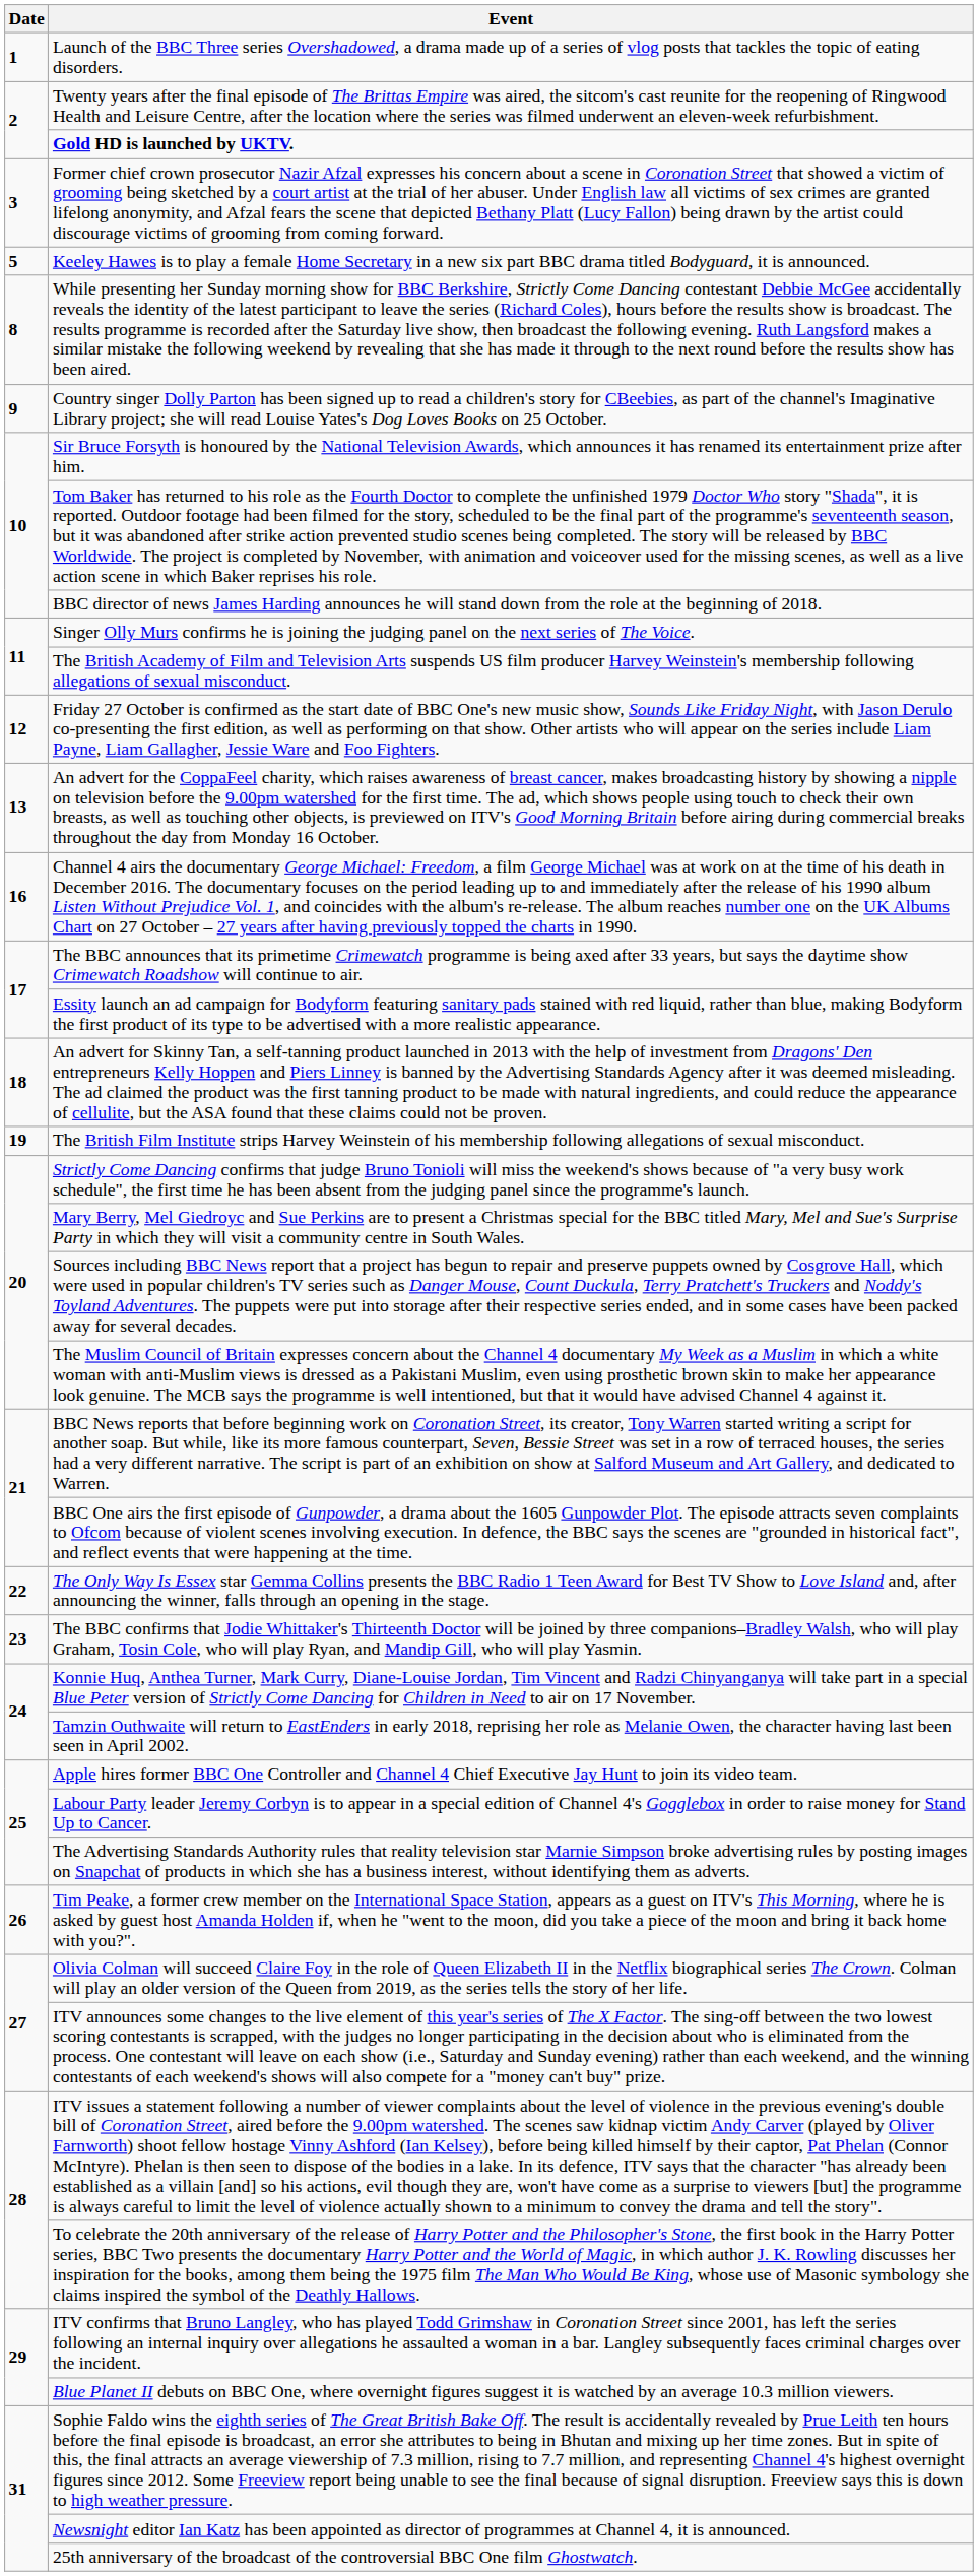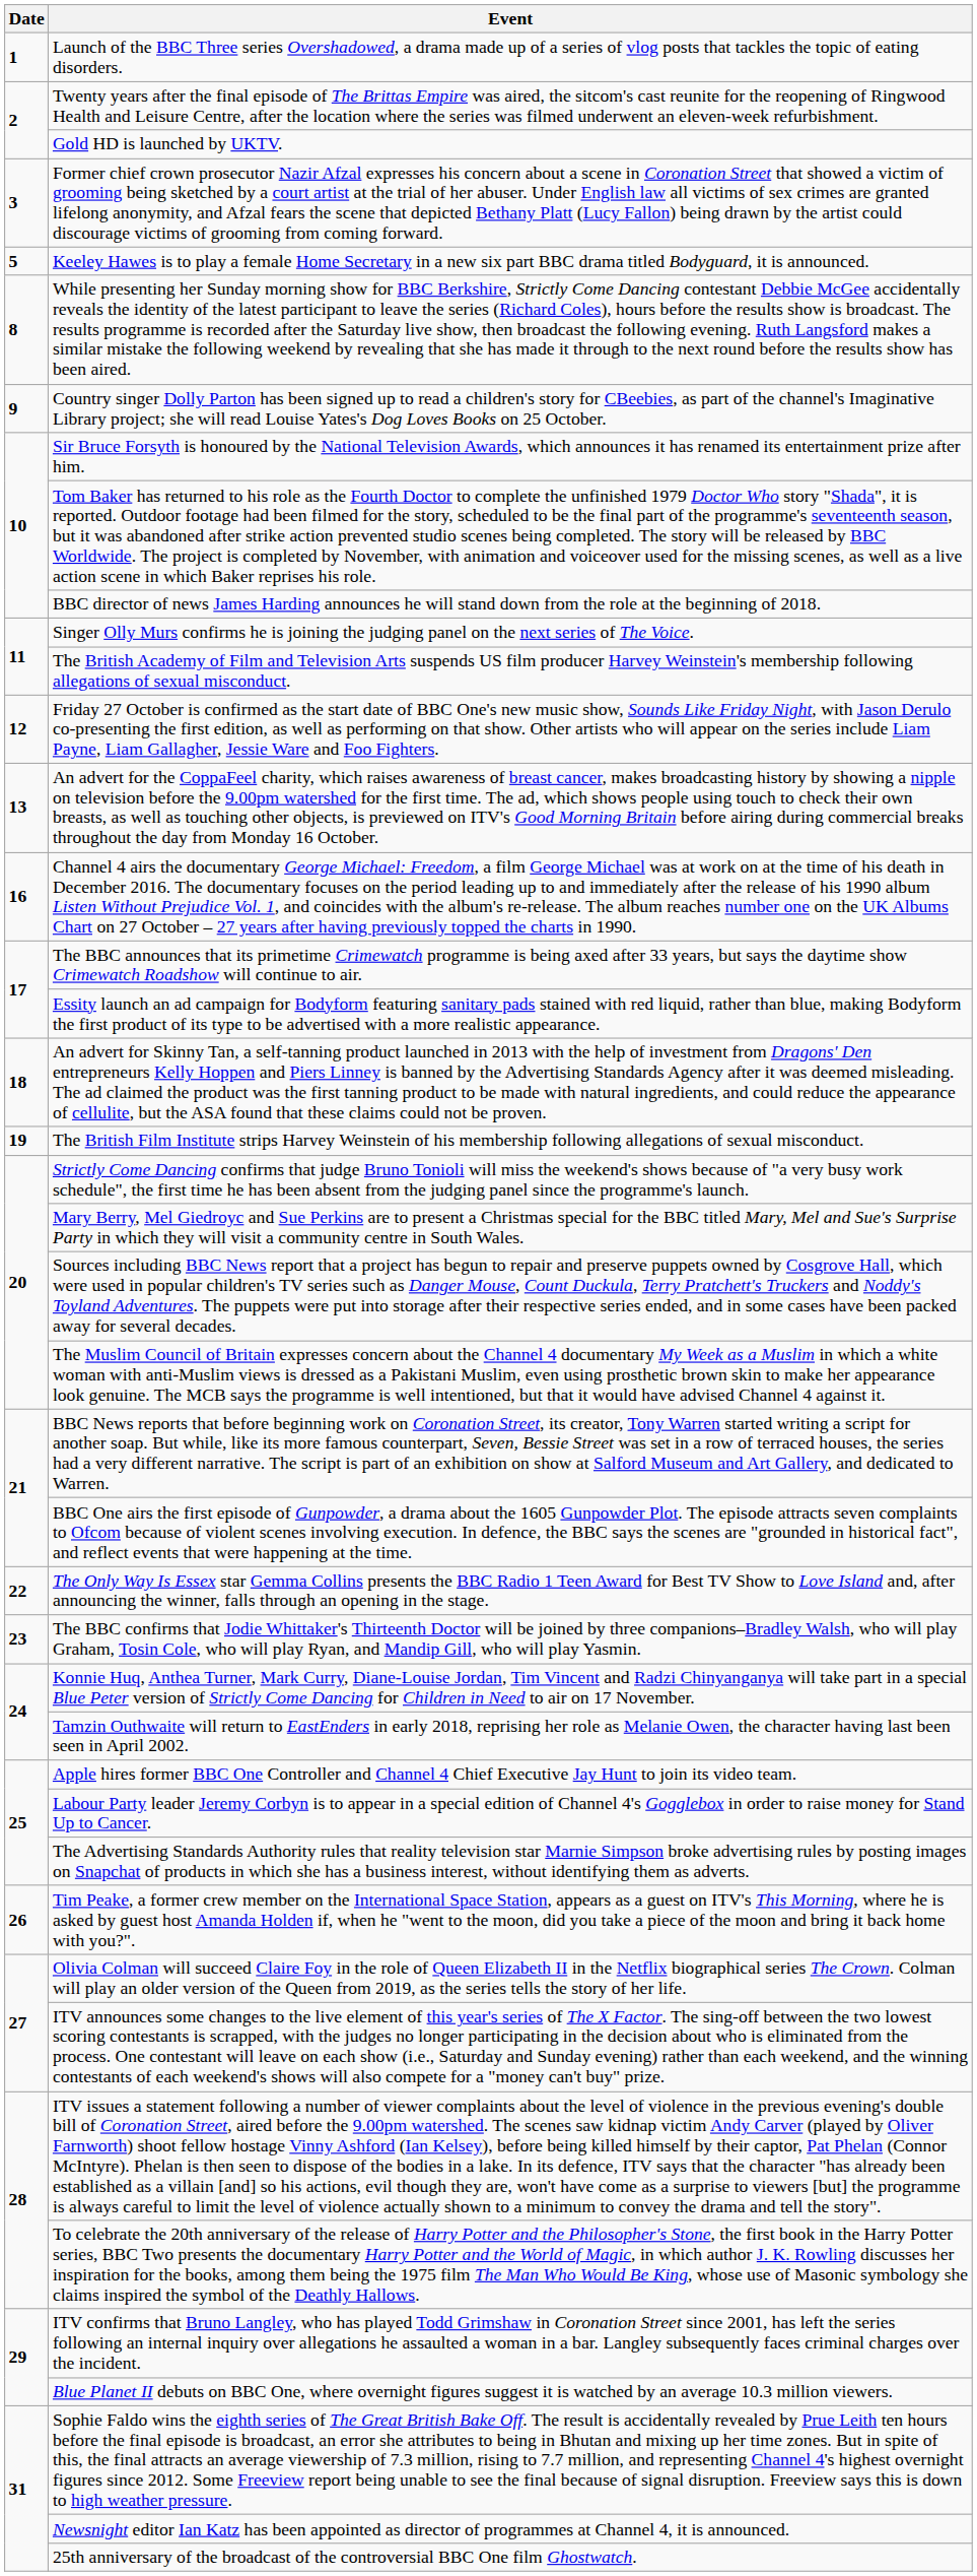 <table class="wikitable">
 <tr>
 <th>Date</th>
 <th>Event</th>
 </tr>
 <tr>
 <td><strong>1</strong></td>
 <td>Launch of the <a href='#'>BBC Three</a> series <em><a href='#'>Overshadowed</a></em>, a drama made up of a series of <a href='#'>vlog</a> posts that tackles the topic of eating disorders.</td>
 </tr>
 <tr>
 <td rowspan=2><strong>2</strong></td>
 <td>Twenty years after the final episode of <em><a href='#'>The Brittas Empire</a></em> was aired, the sitcom's cast reunite for the reopening of Ringwood Health and Leisure Centre, after the location where the series was filmed underwent an eleven-week refurbishment.</td>
 </tr>
 <tr>
-<td><strong><a href='#'>Gold</a> HD is launched by <a href='#'>UKTV</a>.</strong></td>
+<td><a href='#'>Gold</a> HD is launched by <a href='#'>UKTV</a>.</td>
 </tr>
 <tr>
 <td><strong>3</strong></td>
 <td>Former chief crown prosecutor <a href='#'>Nazir Afzal</a> expresses his concern about a scene in <em><a href='#'>Coronation Street</a></em> that showed a victim of <a href='#'>grooming</a> being sketched by a <a href='#'>court artist</a> at the trial of her abuser. Under <a href='#'>English law</a> all victims of sex crimes are granted lifelong anonymity, and Afzal fears the scene that depicted <a href='#'>Bethany Platt</a> (<a href='#'>Lucy Fallon</a>) being drawn by the artist could discourage victims of grooming from coming forward.</td>
 </tr>
 <tr>
 <td><strong>5</strong></td>
 <td><a href='#'>Keeley Hawes</a> is to play a female <a href='#'>Home Secretary</a> in a new six part BBC drama titled <em>Bodyguard</em>, it is announced.</td>
 </tr>
 <tr>
 <td><strong>8</strong></td>
 <td>While presenting her Sunday morning show for <a href='#'>BBC Berkshire</a>, <em>Strictly Come Dancing</em> contestant <a href='#'>Debbie McGee</a> accidentally reveals the identity of the latest participant to leave the series (<a href='#'>Richard Coles</a>), hours before the results show is broadcast. The results programme is recorded after the Saturday live show, then broadcast the following evening. <a href='#'>Ruth Langsford</a> makes a similar mistake the following weekend by revealing that she has made it through to the next round before the results show has been aired.</td>
 </tr>
 <tr>
 <td><strong>9</strong></td>
 <td>Country singer <a href='#'>Dolly Parton</a> has been signed up to read a children's story for <a href='#'>CBeebies</a>, as part of the channel's Imaginative Library project; she will read Louise Yates's <em>Dog Loves Books</em> on 25 October.</td>
 </tr>
 <tr>
 <td rowspan=3><strong>10</strong></td>
 <td><a href='#'>Sir Bruce Forsyth</a> is honoured by the <a href='#'>National Television Awards</a>, which announces it has renamed its entertainment prize after him.</td>
 </tr>
 <tr>
 <td><a href='#'>Tom Baker</a> has returned to his role as the <a href='#'>Fourth Doctor</a> to complete the unfinished 1979 <em><a href='#'>Doctor Who</a></em> story "<a href='#'>Shada</a>", it is reported. Outdoor footage had been filmed for the story, scheduled to be the final part of the programme's <a href='#'>seventeenth season</a>, but it was abandoned after strike action prevented studio scenes being completed. The story will be released by <a href='#'>BBC Worldwide</a>. The project is completed by November, with animation and voiceover used for the missing scenes, as well as a live action scene in which Baker reprises his role.</td>
 </tr>
 <tr>
 <td>BBC director of news <a href='#'>James Harding</a> announces he will stand down from the role at the beginning of 2018.</td>
 </tr>
 <tr>
 <td rowspan=2><strong>11</strong></td>
 <td>Singer <a href='#'>Olly Murs</a> confirms he is joining the judging panel on the <a href='#'>next series</a> of <em><a href='#'>The Voice</a></em>.</td>
 </tr>
 <tr>
 <td>The <a href='#'>British Academy of Film and Television Arts</a> suspends US film producer <a href='#'>Harvey Weinstein</a>'s membership following <a href='#'>allegations of sexual misconduct</a>.</td>
 </tr>
 <tr>
 <td><strong>12</strong></td>
 <td>Friday 27 October is confirmed as the start date of BBC One's new music show, <em><a href='#'>Sounds Like Friday Night</a></em>, with <a href='#'>Jason Derulo</a> co-presenting the first edition, as well as performing on that show. Other artists who will appear on the series include <a href='#'>Liam Payne</a>, <a href='#'>Liam Gallagher</a>, <a href='#'>Jessie Ware</a> and <a href='#'>Foo Fighters</a>.</td>
 </tr>
 <tr>
 <td><strong>13</strong></td>
 <td>An advert for the <a href='#'>CoppaFeel</a> charity, which raises awareness of <a href='#'>breast cancer</a>, makes broadcasting history by showing a <a href='#'>nipple</a> on television before the <a href='#'>9.00pm watershed</a> for the first time. The ad, which shows people using touch to check their own breasts, as well as touching other objects, is previewed on ITV's <em><a href='#'>Good Morning Britain</a></em> before airing during commercial breaks throughout the day from Monday 16 October.</td>
 </tr>
 <tr>
 <td><strong>16</strong></td>
 <td>Channel 4 airs the documentary <em><a href='#'>George Michael: Freedom</a></em>, a film <a href='#'>George Michael</a> was at work on at the time of his death in December 2016. The documentary focuses on the period leading up to and immediately after the release of his 1990 album <em><a href='#'>Listen Without Prejudice Vol. 1</a></em>, and coincides with the album's re-release. The album reaches <a href='#'>number one</a> on the <a href='#'>UK Albums Chart</a> on 27 October – <a href='#'>27 years after having previously topped the charts</a> in 1990.</td>
 </tr>
 <tr>
 <td rowspan=2><strong>17</strong></td>
 <td>The BBC announces that its primetime <em><a href='#'>Crimewatch</a></em> programme is being axed after 33 years, but says the daytime show <em><a href='#'>Crimewatch Roadshow</a></em> will continue to air.</td>
 </tr>
 <tr>
 <td><a href='#'>Essity</a> launch an ad campaign for <a href='#'>Bodyform</a> featuring <a href='#'>sanitary pads</a> stained with red liquid, rather than blue, making Bodyform the first product of its type to be advertised with a more realistic appearance.</td>
 </tr>
 <tr>
 <td><strong>18</strong></td>
 <td>An advert for Skinny Tan, a self-tanning product launched in 2013 with the help of investment from <em><a href='#'>Dragons' Den</a></em> entrepreneurs <a href='#'>Kelly Hoppen</a> and <a href='#'>Piers Linney</a> is banned by the Advertising Standards Agency after it was deemed misleading. The ad claimed the product was the first tanning product to be made with natural ingredients, and could reduce the appearance of <a href='#'>cellulite</a>, but the ASA found that these claims could not be proven.</td>
 </tr>
 <tr>
 <td><strong>19</strong></td>
 <td>The <a href='#'>British Film Institute</a> strips Harvey Weinstein of his membership following allegations of sexual misconduct.</td>
 </tr>
 <tr>
 <td rowspan=4><strong>20</strong></td>
 <td><em><a href='#'>Strictly Come Dancing</a></em> confirms that judge <a href='#'>Bruno Tonioli</a> will miss the weekend's shows because of "a very busy work schedule", the first time he has been absent from the judging panel since the programme's launch.</td>
 </tr>
 <tr>
 <td><a href='#'>Mary Berry</a>, <a href='#'>Mel Giedroyc</a> and <a href='#'>Sue Perkins</a> are to present a Christmas special for the BBC titled <em>Mary, Mel and Sue's Surprise Party</em> in which they will visit a community centre in South Wales.</td>
 </tr>
 <tr>
 <td>Sources including <a href='#'>BBC News</a> report that a project has begun to repair and preserve puppets owned by <a href='#'>Cosgrove Hall</a>, which were used in popular children's TV series such as <em><a href='#'>Danger Mouse</a></em>, <em><a href='#'>Count Duckula</a></em>, <em><a href='#'>Terry Pratchett's Truckers</a></em> and <em><a href='#'>Noddy's Toyland Adventures</a></em>. The puppets were put into storage after their respective series ended, and in some cases have been packed away for several decades.</td>
 </tr>
 <tr>
 <td>The <a href='#'>Muslim Council of Britain</a> expresses concern about the <a href='#'>Channel 4</a> documentary <em><a href='#'>My Week as a Muslim</a></em> in which a white woman with anti-Muslim views is dressed as a Pakistani Muslim, even using prosthetic brown skin to make her appearance look genuine. The MCB says the programme is well intentioned, but that it would have advised Channel 4 against it.</td>
 </tr>
 <tr>
 <td rowspan=2><strong>21</strong></td>
 <td>BBC News reports that before beginning work on <em><a href='#'>Coronation Street</a></em>, its creator, <a href='#'>Tony Warren</a> started writing a script for another soap. But while, like its more famous counterpart, <em>Seven, Bessie Street</em> was set in a row of terraced houses, the series had a very different narrative. The script is part of an exhibition on show at <a href='#'>Salford Museum and Art Gallery</a>, and dedicated to Warren.</td>
 </tr>
 <tr>
 <td>BBC One airs the first episode of <em><a href='#'>Gunpowder</a></em>, a drama about the 1605 <a href='#'>Gunpowder Plot</a>. The episode attracts seven complaints to <a href='#'>Ofcom</a> because of violent scenes involving execution. In defence, the BBC says the scenes are "grounded in historical fact", and reflect events that were happening at the time.</td>
 </tr>
 <tr>
 <td><strong>22</strong></td>
 <td><em><a href='#'>The Only Way Is Essex</a></em> star <a href='#'>Gemma Collins</a> presents the <a href='#'>BBC Radio 1 Teen Award</a> for Best TV Show to <em><a href='#'>Love Island</a></em> and, after announcing the winner, falls through an opening in the stage.</td>
 </tr>
 <tr>
 <td><strong>23</strong></td>
 <td>The BBC confirms that <a href='#'>Jodie Whittaker</a>'s <a href='#'>Thirteenth Doctor</a> will be joined by three companions–<a href='#'>Bradley Walsh</a>, who will play Graham, <a href='#'>Tosin Cole</a>, who will play Ryan, and <a href='#'>Mandip Gill</a>, who will play Yasmin.</td>
 </tr>
 <tr>
 <td rowspan=2><strong>24</strong></td>
 <td><a href='#'>Konnie Huq</a>, <a href='#'>Anthea Turner</a>, <a href='#'>Mark Curry</a>, <a href='#'>Diane-Louise Jordan</a>, <a href='#'>Tim Vincent</a> and <a href='#'>Radzi Chinyanganya</a> will take part in a special <em><a href='#'>Blue Peter</a></em> version of <em><a href='#'>Strictly Come Dancing</a></em> for <em><a href='#'>Children in Need</a></em> to air on 17 November.</td>
 </tr>
 <tr>
 <td><a href='#'>Tamzin Outhwaite</a> will return to <em><a href='#'>EastEnders</a></em> in early 2018, reprising her role as <a href='#'>Melanie Owen</a>, the character having last been seen in April 2002.</td>
 </tr>
 <tr>
 <td rowspan=3><strong>25</strong></td>
 <td><a href='#'>Apple</a> hires former <a href='#'>BBC One</a> Controller and <a href='#'>Channel 4</a> Chief Executive <a href='#'>Jay Hunt</a> to join its video team.</td>
 </tr>
 <tr>
 <td><a href='#'>Labour Party</a> leader <a href='#'>Jeremy Corbyn</a> is to appear in a special edition of Channel 4's <em><a href='#'>Gogglebox</a></em> in order to raise money for <a href='#'>Stand Up to Cancer</a>.</td>
 </tr>
 <tr>
 <td>The Advertising Standards Authority rules that reality television star <a href='#'>Marnie Simpson</a> broke advertising rules by posting images on <a href='#'>Snapchat</a> of products in which she has a business interest, without identifying them as adverts.</td>
 </tr>
 <tr>
 <td><strong>26</strong></td>
 <td><a href='#'>Tim Peake</a>, a former crew member on the <a href='#'>International Space Station</a>, appears as a guest on ITV's <em><a href='#'>This Morning</a></em>, where he is asked by guest host <a href='#'>Amanda Holden</a> if, when he "went to the moon, did you take a piece of the moon and bring it back home with you?".</td>
 </tr>
 <tr>
 <td rowspan=2><strong>27</strong></td>
 <td><a href='#'>Olivia Colman</a> will succeed <a href='#'>Claire Foy</a> in the role of <a href='#'>Queen Elizabeth II</a> in the <a href='#'>Netflix</a> biographical series <em><a href='#'>The Crown</a></em>. Colman will play an older version of the Queen from 2019, as the series tells the story of her life.</td>
 </tr>
 <tr>
 <td>ITV announces some changes to the live element of <a href='#'>this year's series</a> of <em><a href='#'>The X Factor</a></em>. The sing-off between the two lowest scoring contestants is scrapped, with the judges no longer participating in the decision about who is eliminated from the process. One contestant will leave on each show (i.e., Saturday and Sunday evening) rather than each weekend, and the winning contestants of each weekend's shows will also compete for a "money can't buy" prize.</td>
 </tr>
 <tr>
 <td rowspan=2><strong>28</strong></td>
 <td>ITV issues a statement following a number of viewer complaints about the level of violence in the previous evening's double bill of <em><a href='#'>Coronation Street</a></em>, aired before the <a href='#'>9.00pm watershed</a>. The scenes saw kidnap victim <a href='#'>Andy Carver</a> (played by <a href='#'>Oliver Farnworth</a>) shoot fellow hostage <a href='#'>Vinny Ashford</a> (<a href='#'>Ian Kelsey</a>), before being killed himself by their captor, <a href='#'>Pat Phelan</a> (Connor McIntyre). Phelan is then seen to dispose of the bodies in a lake. In its defence, ITV says that the character "has already been established as a villain [and] so his actions, evil though they are, won't have come as a surprise to viewers [but] the programme is always careful to limit the level of violence actually shown to a minimum to convey the drama and tell the story".</td>
 </tr>
 <tr>
 <td>To celebrate the 20th anniversary of the release of <em><a href='#'>Harry Potter and the Philosopher's Stone</a></em>, the first book in the Harry Potter series, BBC Two presents the documentary <em><a href='#'>Harry Potter and the World of Magic</a></em>, in which author <a href='#'>J. K. Rowling</a> discusses her inspiration for the books, among them being the 1975 film <em><a href='#'>The Man Who Would Be King</a></em>, whose use of Masonic symbology she claims inspired the symbol of the <a href='#'>Deathly Hallows</a>.</td>
 </tr>
 <tr>
 <td rowspan=2><strong>29</strong></td>
 <td>ITV confirms that <a href='#'>Bruno Langley</a>, who has played <a href='#'>Todd Grimshaw</a> in <em>Coronation Street</em> since 2001, has left the series following an internal inquiry over allegations he assaulted a woman in a bar. Langley subsequently faces criminal charges over the incident.</td>
 </tr>
 <tr>
 <td><em><a href='#'>Blue Planet II</a></em> debuts on BBC One, where overnight figures suggest it is watched by an average 10.3 million viewers.</td>
 </tr>
 <tr>
 <td rowspan=3><strong>31</strong></td>
 <td>Sophie Faldo wins the <a href='#'>eighth series</a> of <em><a href='#'>The Great British Bake Off</a></em>. The result is accidentally revealed by <a href='#'>Prue Leith</a> ten hours before the final episode is broadcast, an error she attributes to being in Bhutan and mixing up her time zones. But in spite of this, the final attracts an average viewership of 7.3 million, rising to 7.7 million, and representing <a href='#'>Channel 4</a>'s highest overnight figures since 2012. Some <a href='#'>Freeview</a> report being unable to see the final because of signal disruption. Freeview says this is down to <a href='#'>high weather pressure</a>.</td>
 </tr>
 <tr>
 <td><em><a href='#'>Newsnight</a></em> editor <a href='#'>Ian Katz</a> has been appointed as director of programmes at Channel 4, it is announced.</td>
 </tr>
 <tr>
 <td>25th anniversary of the broadcast of the controversial BBC One film <em><a href='#'>Ghostwatch</a></em>.</td>
 </tr>
 </table>
